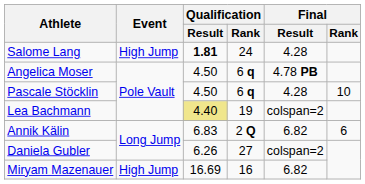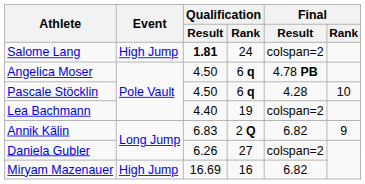 <table class="wikitable" style="font-size:90%">
 <tr>
 <th rowspan="2">Athlete</th>
 <th rowspan="2">Event</th>
 <th colspan="2">Qualification</th>
 <th colspan="2">Final</th>
 </tr>
 <tr style="font-size:95%">
 <th>Result</th>
 <th>Rank</th>
 <th>Result</th>
 <th>Rank</th>
 </tr>
 <tr align=center>
 <td align=left><a href='#'>Salome Lang</a></td>
 <td align=left><a href='#'>High Jump</a></td>
 <td><strong>1.81</strong></td>
 <td>24</td>
-<td>4.28</td>
+<td>colspan=2 </td>
 </tr>
 <tr align=center>
 <td align=left><a href='#'>Angelica Moser</a></td>
 <td align=left rowspan="3"><a href='#'>Pole Vault</a></td>
 <td>4.50</td>
 <td>6 <strong>q</strong></td>
 <td>4.78 <strong>PB</strong></td>
 <td></td>
 </tr>
 <tr align=center>
 <td align=left><a href='#'>Pascale Stöcklin</a></td>
 <td>4.50</td>
 <td>6 <strong>q</strong></td>
 <td>4.28</td>
 <td>10</td>
 </tr>
 <tr align=center>
 <td align=left><a href='#'>Lea Bachmann</a></td>
-<td style="background: khaki;">4.40</td>
+<td>4.40</td>
 <td>19</td>
 <td>colspan=2 </td>
 </tr>
 <tr align=center>
 <td align=left><a href='#'>Annik Kälin</a></td>
 <td align=left rowspan="2"><a href='#'>Long Jump</a></td>
 <td>6.83</td>
 <td>2 <strong>Q</strong></td>
 <td>6.82</td>
-<td>6</td>
+<td>9</td>
 </tr>
 <tr align=center>
 <td align=left><a href='#'>Daniela Gubler</a></td>
 <td>6.26</td>
 <td>27</td>
 <td>colspan=2 </td>
 </tr>
 <tr align=center>
 <td align=left><a href='#'>Miryam Mazenauer</a></td>
 <td align=left><a href='#'>High Jump</a></td>
 <td>16.69</td>
 <td>16</td>
 <td>6.82</td>
 </tr>
 </table>
